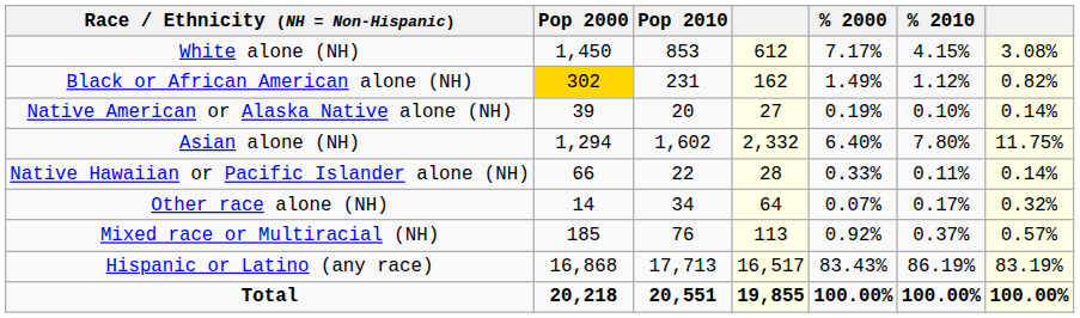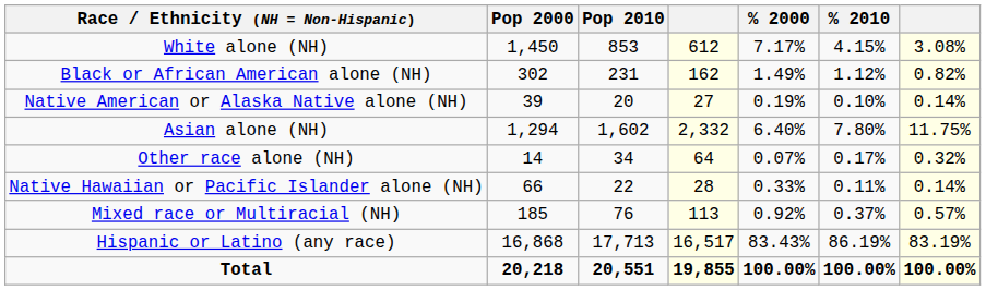 <table class="wikitable" style="text-align:center;">
 <tr>
 <th>Race / Ethnicity <small>(<em>NH = Non-Hispanic</em>)</small></th>
 <th>Pop 2000</th>
 <th>Pop 2010</th>
 <th></th>
 <th>% 2000</th>
 <th>% 2010</th>
 <th></th>
 </tr>
 <tr>
 <td><a href='#'>White</a> alone (NH)</td>
 <td>1,450</td>
 <td>853</td>
 <td style='background: #ffffe6;'>612</td>
 <td>7.17%</td>
 <td>4.15%</td>
 <td style='background: #ffffe6;'>3.08%</td>
 </tr>
 <tr>
 <td><a href='#'>Black or African American</a> alone (NH)</td>
-<td style="background: gold;">302</td>
+<td>302</td>
 <td>231</td>
 <td style='background: #ffffe6;'>162</td>
 <td>1.49%</td>
 <td>1.12%</td>
 <td style='background: #ffffe6;'>0.82%</td>
 </tr>
 <tr>
 <td><a href='#'>Native American</a> or <a href='#'>Alaska Native</a> alone (NH)</td>
 <td>39</td>
 <td>20</td>
 <td style='background: #ffffe6;'>27</td>
 <td>0.19%</td>
 <td>0.10%</td>
 <td style='background: #ffffe6;'>0.14%</td>
 </tr>
 <tr>
 <td><a href='#'>Asian</a> alone (NH)</td>
 <td>1,294</td>
 <td>1,602</td>
 <td style='background: #ffffe6;'>2,332</td>
 <td>6.40%</td>
 <td>7.80%</td>
 <td style='background: #ffffe6;'>11.75%</td>
 </tr>
 <tr>
+<td><a href='#'>Other race</a> alone (NH)</td>
+<td>14</td>
+<td>34</td>
+<td style='background: #ffffe6;'>64</td>
+<td>0.07%</td>
+<td>0.17%</td>
+<td style='background: #ffffe6;'>0.32%</td>
+</tr>
+<tr>
 <td><a href='#'>Native Hawaiian</a> or <a href='#'>Pacific Islander</a> alone (NH)</td>
 <td>66</td>
 <td>22</td>
 <td style='background: #ffffe6;'>28</td>
 <td>0.33%</td>
 <td>0.11%</td>
 <td style='background: #ffffe6;'>0.14%</td>
-</tr>
-<tr>
-<td><a href='#'>Other race</a> alone (NH)</td>
-<td>14</td>
-<td>34</td>
-<td style='background: #ffffe6;'>64</td>
-<td>0.07%</td>
-<td>0.17%</td>
-<td style='background: #ffffe6;'>0.32%</td>
 </tr>
 <tr>
 <td><a href='#'>Mixed race or Multiracial</a> (NH)</td>
 <td>185</td>
 <td>76</td>
 <td style='background: #ffffe6;'>113</td>
 <td>0.92%</td>
 <td>0.37%</td>
 <td style='background: #ffffe6;'>0.57%</td>
 </tr>
 <tr>
 <td><a href='#'>Hispanic or Latino</a> (any race)</td>
 <td>16,868</td>
 <td>17,713</td>
 <td style='background: #ffffe6;'>16,517</td>
 <td>83.43%</td>
 <td>86.19%</td>
 <td style='background: #ffffe6;'>83.19%</td>
 </tr>
 <tr>
 <td><strong>Total</strong></td>
 <td><strong>20,218</strong></td>
 <td><strong>20,551</strong></td>
 <td style='background: #ffffe6;'><strong>19,855</strong></td>
 <td><strong>100.00%</strong></td>
 <td><strong>100.00%</strong></td>
 <td style='background: #ffffe6;'><strong>100.00%</strong></td>
 </tr>
 </table>
